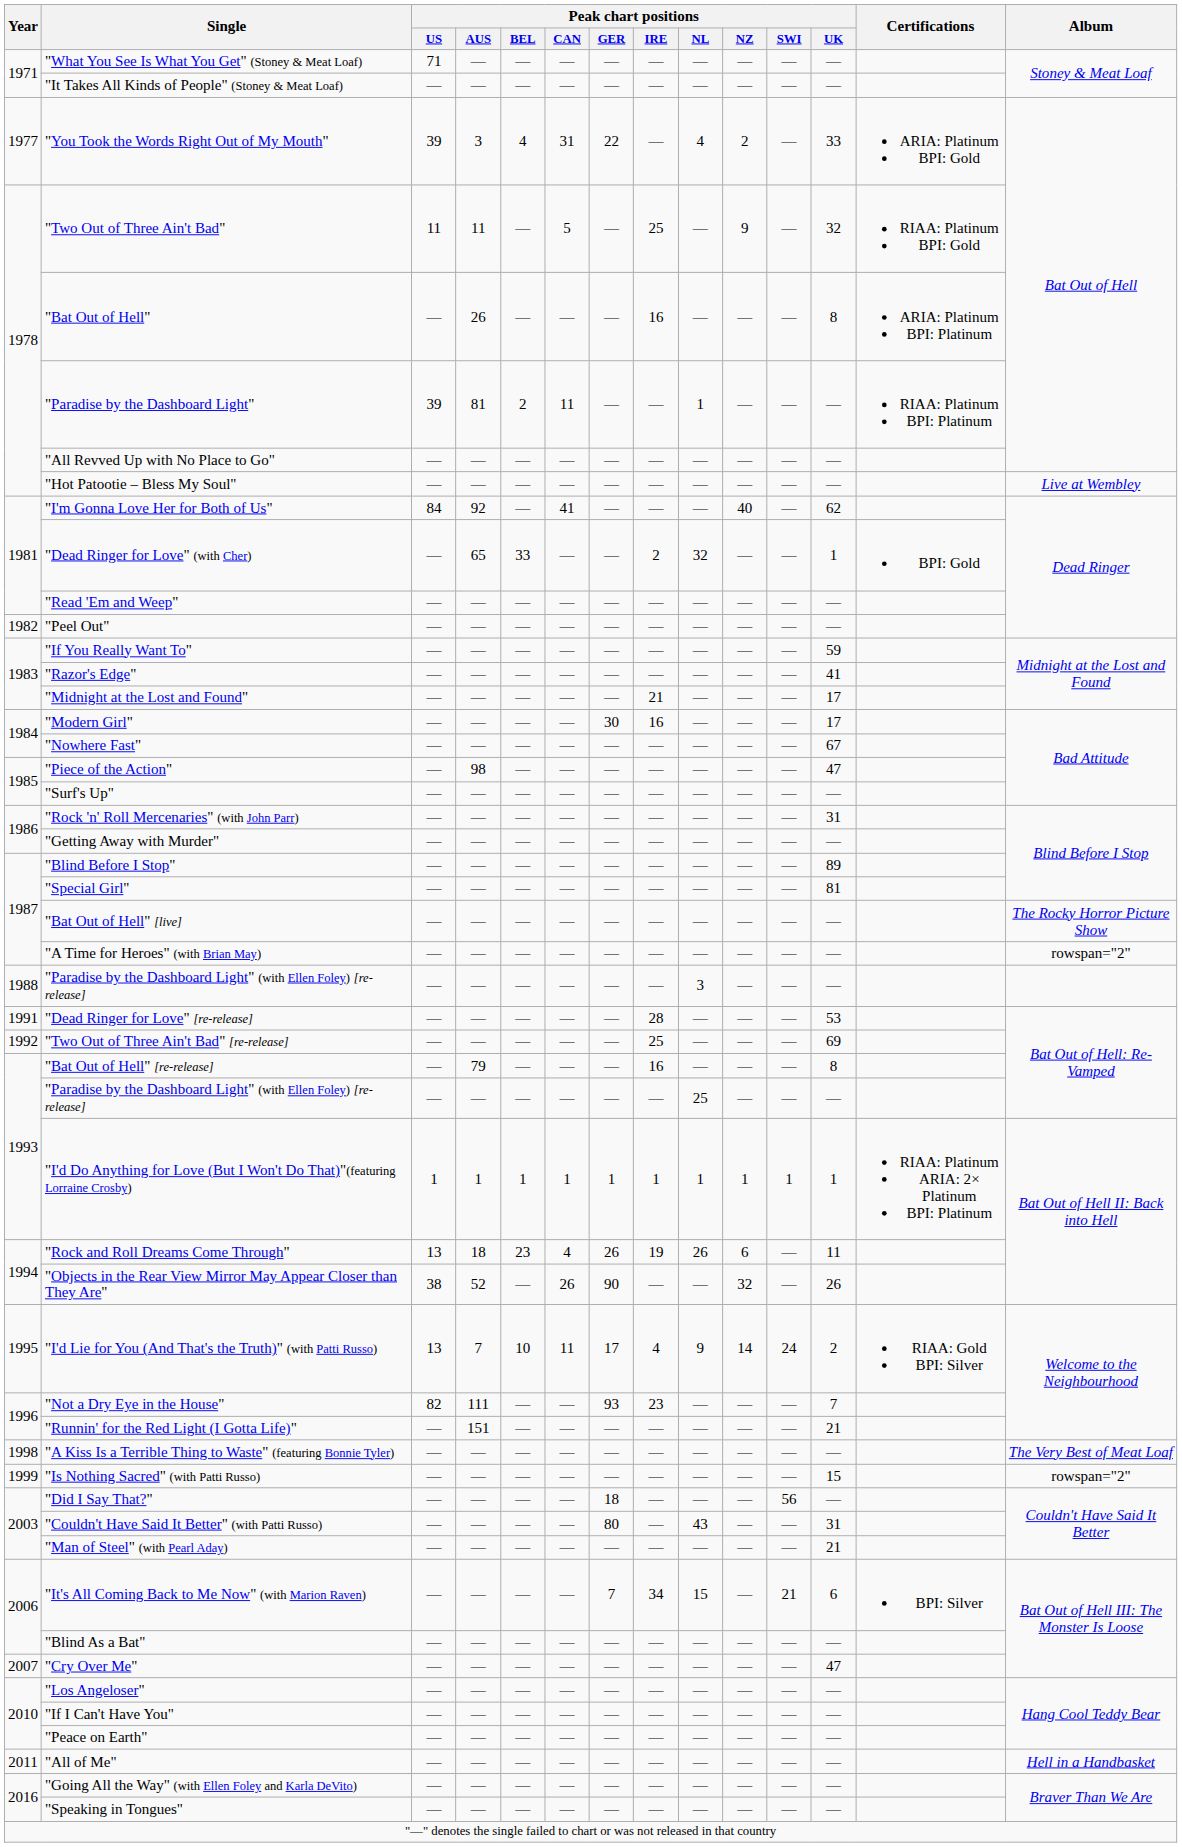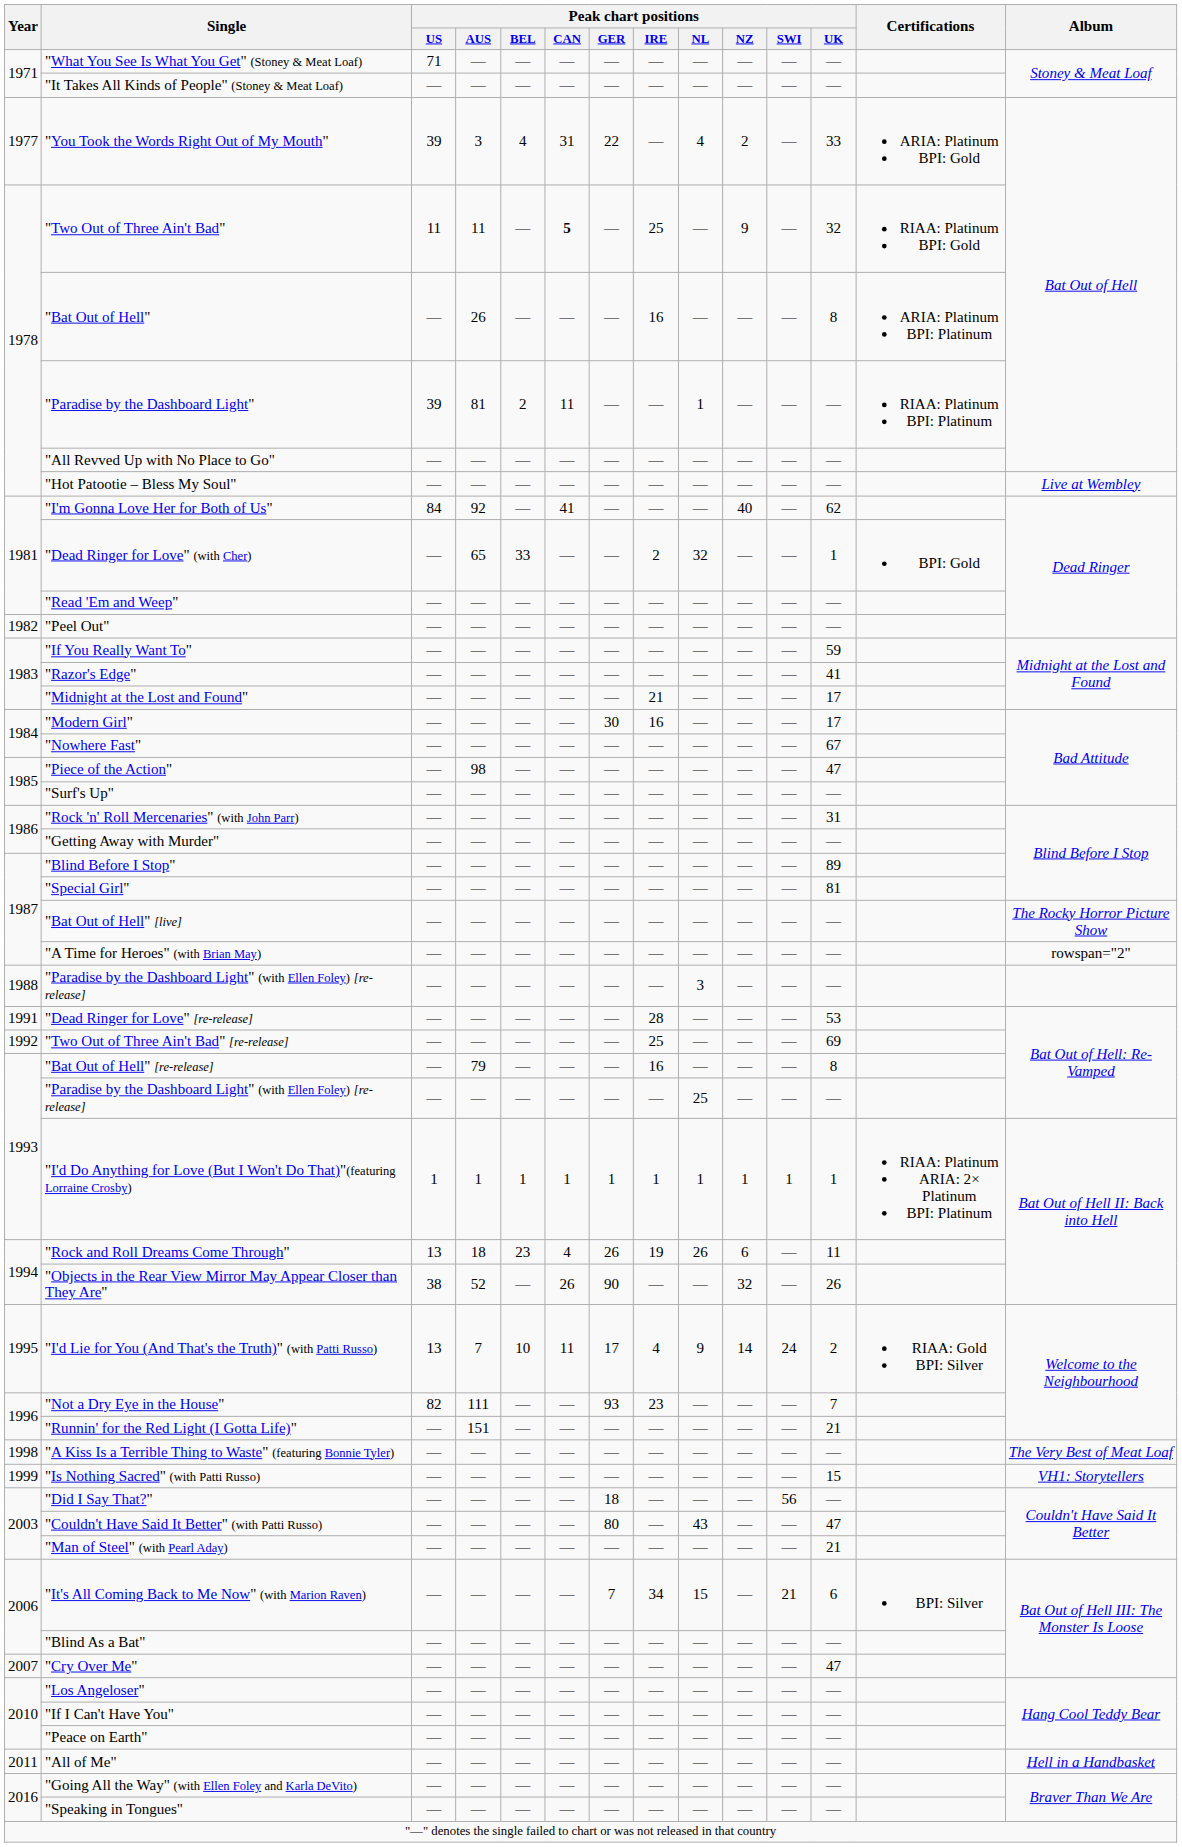 <table class="wikitable" style="text-align:center;">
 <tr>
 <th rowspan="2">Year</th>
 <th rowspan="2">Single</th>
 <th colspan="10">Peak chart positions</th>
 <th rowspan="2">Certifications</th>
 <th rowspan="2" style="width:175px;">Album</th>
 </tr>
 <tr>
 <th style="width:3em;font-size:85%"><a href='#'>US</a><br></th>
 <th style="width:3em;font-size:85%"><a href='#'>AUS</a><br></th>
 <th style="width:3em;font-size:85%"><a href='#'>BEL</a><br></th>
 <th style="width:3em;font-size:85%"><a href='#'>CAN</a><br></th>
 <th style="width:3em;font-size:85%"><a href='#'>GER</a><br></th>
 <th style="width:3em;font-size:85%"><a href='#'>IRE</a><br></th>
 <th style="width:3em;font-size:85%"><a href='#'>NL</a><br></th>
 <th style="width:3em;font-size:85%"><a href='#'>NZ</a><br></th>
 <th style="width:3em;font-size:85%"><a href='#'>SWI</a><br></th>
 <th style="width:3em;font-size:85%"><a href='#'>UK</a><br></th>
 </tr>
 <tr>
 <td rowspan="2">1971</td>
 <td style="text-align:left;">"<a href='#'>What You See Is What You Get</a>" <small>(Stoney & Meat Loaf)</small></td>
 <td>71</td>
 <td>—</td>
 <td>—</td>
 <td>—</td>
 <td>—</td>
 <td>—</td>
 <td>—</td>
 <td>—</td>
 <td>—</td>
 <td>—</td>
 <td></td>
 <td rowspan="2"><em><a href='#'>Stoney & Meat Loaf</a></em></td>
 </tr>
 <tr>
 <td style="text-align:left;">"It Takes All Kinds of People" <small>(Stoney & Meat Loaf)</small></td>
 <td>—</td>
 <td>—</td>
 <td>—</td>
 <td>—</td>
 <td>—</td>
 <td>—</td>
 <td>—</td>
 <td>—</td>
 <td>—</td>
 <td>—</td>
 <td></td>
 </tr>
 <tr>
 <td>1977</td>
 <td style="text-align:left;">"<a href='#'>You Took the Words Right Out of My Mouth</a>"</td>
 <td>39</td>
 <td>3</td>
 <td>4</td>
 <td>31</td>
 <td>22</td>
 <td>—</td>
 <td>4</td>
 <td>2</td>
 <td>—</td>
 <td>33</td>
 <td><br><ul><li>ARIA: Platinum</li><li>BPI: Gold</li></ul></td>
 <td rowspan="5"><em><a href='#'>Bat Out of Hell</a></em></td>
 </tr>
 <tr>
 <td rowspan="5">1978</td>
 <td style="text-align:left;">"<a href='#'>Two Out of Three Ain't Bad</a>"</td>
 <td>11</td>
 <td>11</td>
 <td>—</td>
-<td>5</td>
+<td><strong>5</strong></td>
 <td>—</td>
 <td>25</td>
 <td>—</td>
 <td>9</td>
 <td>—</td>
 <td>32</td>
 <td><br><ul><li>RIAA: Platinum</li><li>BPI: Gold</li></ul></td>
 </tr>
 <tr>
 <td style="text-align:left;">"<a href='#'>Bat Out of Hell</a>"</td>
 <td>—</td>
 <td>26</td>
 <td>—</td>
 <td>—</td>
 <td>—</td>
 <td>16</td>
 <td>—</td>
 <td>—</td>
 <td>—</td>
 <td>8</td>
 <td><br><ul><li>ARIA: Platinum</li><li>BPI: Platinum</li></ul></td>
 </tr>
 <tr>
 <td style="text-align:left;">"<a href='#'>Paradise by the Dashboard Light</a>"</td>
 <td>39</td>
 <td>81</td>
 <td>2</td>
 <td>11</td>
 <td>—</td>
 <td>—</td>
 <td>1</td>
 <td>—</td>
 <td>—</td>
 <td>—</td>
 <td><br><ul><li>RIAA: Platinum</li><li>BPI: Platinum</li></ul></td>
 </tr>
 <tr>
 <td style="text-align:left;">"All Revved Up with No Place to Go"</td>
 <td>—</td>
 <td>—</td>
 <td>—</td>
 <td>—</td>
 <td>—</td>
 <td>—</td>
 <td>—</td>
 <td>—</td>
 <td>—</td>
 <td>—</td>
 <td></td>
 </tr>
 <tr>
 <td style="text-align:left;">"Hot Patootie – Bless My Soul"</td>
 <td>—</td>
 <td>—</td>
 <td>—</td>
 <td>—</td>
 <td>—</td>
 <td>—</td>
 <td>—</td>
 <td>—</td>
 <td>—</td>
 <td>—</td>
 <td></td>
 <td><em><a href='#'>Live at Wembley</a></em></td>
 </tr>
 <tr>
 <td rowspan="3">1981</td>
 <td style="text-align:left;">"<a href='#'>I'm Gonna Love Her for Both of Us</a>"</td>
 <td>84</td>
 <td>92</td>
 <td>—</td>
 <td>41</td>
 <td>—</td>
 <td>—</td>
 <td>—</td>
 <td>40</td>
 <td>—</td>
 <td>62</td>
 <td></td>
 <td rowspan="4"><em><a href='#'>Dead Ringer</a></em></td>
 </tr>
 <tr>
 <td style="text-align:left;">"<a href='#'>Dead Ringer for Love</a>" <small>(with <a href='#'>Cher</a>)</small></td>
 <td>—</td>
 <td>65</td>
 <td>33</td>
 <td>—</td>
 <td>—</td>
 <td>2</td>
 <td>32</td>
 <td>—</td>
 <td>—</td>
 <td>1</td>
 <td><br><ul><li>BPI: Gold</li></ul></td>
 </tr>
 <tr>
 <td style="text-align:left;">"<a href='#'>Read 'Em and Weep</a>"</td>
 <td>—</td>
 <td>—</td>
 <td>—</td>
 <td>—</td>
 <td>—</td>
 <td>—</td>
 <td>—</td>
 <td>—</td>
 <td>—</td>
 <td>—</td>
 <td></td>
 </tr>
 <tr>
 <td>1982</td>
 <td style="text-align:left;">"Peel Out"</td>
 <td>—</td>
 <td>—</td>
 <td>—</td>
 <td>—</td>
 <td>—</td>
 <td>—</td>
 <td>—</td>
 <td>—</td>
 <td>—</td>
 <td>—</td>
 <td></td>
 </tr>
 <tr>
 <td rowspan="3">1983</td>
 <td style="text-align:left;">"<a href='#'>If You Really Want To</a>"</td>
 <td>—</td>
 <td>—</td>
 <td>—</td>
 <td>—</td>
 <td>—</td>
 <td>—</td>
 <td>—</td>
 <td>—</td>
 <td>—</td>
 <td>59</td>
 <td></td>
 <td rowspan="3"><em><a href='#'>Midnight at the Lost and Found</a></em></td>
 </tr>
 <tr>
 <td style="text-align:left;">"<a href='#'>Razor's Edge</a>"</td>
 <td>—</td>
 <td>—</td>
 <td>—</td>
 <td>—</td>
 <td>—</td>
 <td>—</td>
 <td>—</td>
 <td>—</td>
 <td>—</td>
 <td>41</td>
 <td></td>
 </tr>
 <tr>
 <td style="text-align:left;">"<a href='#'>Midnight at the Lost and Found</a>"</td>
 <td>—</td>
 <td>—</td>
 <td>—</td>
 <td>—</td>
 <td>—</td>
 <td>21</td>
 <td>—</td>
 <td>—</td>
 <td>—</td>
 <td>17</td>
 <td></td>
 </tr>
 <tr>
 <td rowspan="2">1984</td>
 <td style="text-align:left;">"<a href='#'>Modern Girl</a>"</td>
 <td>—</td>
 <td>—</td>
 <td>—</td>
 <td>—</td>
 <td>30</td>
 <td>16</td>
 <td>—</td>
 <td>—</td>
 <td>—</td>
 <td>17</td>
 <td></td>
 <td rowspan="4"><em><a href='#'>Bad Attitude</a></em></td>
 </tr>
 <tr>
 <td style="text-align:left;">"<a href='#'>Nowhere Fast</a>"</td>
 <td>—</td>
 <td>—</td>
 <td>—</td>
 <td>—</td>
 <td>—</td>
 <td>—</td>
 <td>—</td>
 <td>—</td>
 <td>—</td>
 <td>67</td>
 <td></td>
 </tr>
 <tr>
 <td rowspan="2">1985</td>
 <td style="text-align:left;">"<a href='#'>Piece of the Action</a>"</td>
 <td>—</td>
 <td>98</td>
 <td>—</td>
 <td>—</td>
 <td>—</td>
 <td>—</td>
 <td>—</td>
 <td>—</td>
 <td>—</td>
 <td>47</td>
 <td></td>
 </tr>
 <tr>
 <td style="text-align:left;">"Surf's Up"</td>
 <td>—</td>
 <td>—</td>
 <td>—</td>
 <td>—</td>
 <td>—</td>
 <td>—</td>
 <td>—</td>
 <td>—</td>
 <td>—</td>
 <td>—</td>
 <td></td>
 </tr>
 <tr>
 <td rowspan="2">1986</td>
 <td style="text-align:left;">"<a href='#'>Rock 'n' Roll Mercenaries</a>" <small>(with <a href='#'>John Parr</a>)</small></td>
 <td>—</td>
 <td>—</td>
 <td>—</td>
 <td>—</td>
 <td>—</td>
 <td>—</td>
 <td>—</td>
 <td>—</td>
 <td>—</td>
 <td>31</td>
 <td></td>
 <td rowspan="4"><em><a href='#'>Blind Before I Stop</a></em></td>
 </tr>
 <tr>
 <td style="text-align:left;">"Getting Away with Murder"</td>
 <td>—</td>
 <td>—</td>
 <td>—</td>
 <td>—</td>
 <td>—</td>
 <td>—</td>
 <td>—</td>
 <td>—</td>
 <td>—</td>
 <td>—</td>
 <td></td>
 </tr>
 <tr>
 <td rowspan="4">1987</td>
 <td style="text-align:left;">"<a href='#'>Blind Before I Stop</a>"</td>
 <td>—</td>
 <td>—</td>
 <td>—</td>
 <td>—</td>
 <td>—</td>
 <td>—</td>
 <td>—</td>
 <td>—</td>
 <td>—</td>
 <td>89</td>
 <td></td>
 </tr>
 <tr>
 <td style="text-align:left;">"<a href='#'>Special Girl</a>"</td>
 <td>—</td>
 <td>—</td>
 <td>—</td>
 <td>—</td>
 <td>—</td>
 <td>—</td>
 <td>—</td>
 <td>—</td>
 <td>—</td>
 <td>81</td>
 <td></td>
 </tr>
 <tr>
 <td style="text-align:left;">"<a href='#'>Bat Out of Hell</a>" <small><em>[live]</em></small></td>
 <td>—</td>
 <td>—</td>
 <td>—</td>
 <td>—</td>
 <td>—</td>
 <td>—</td>
 <td>—</td>
 <td>—</td>
 <td>—</td>
 <td>—</td>
 <td></td>
 <td><em><a href='#'>The Rocky Horror Picture Show</a></em></td>
 </tr>
 <tr>
 <td style="text-align:left;">"A Time for Heroes" <small>(with <a href='#'>Brian May</a>)</small></td>
 <td>—</td>
 <td>—</td>
 <td>—</td>
 <td>—</td>
 <td>—</td>
 <td>—</td>
 <td>—</td>
 <td>—</td>
 <td>—</td>
 <td>—</td>
 <td></td>
 <td>rowspan="2" </td>
 </tr>
 <tr>
 <td>1988</td>
 <td style="text-align:left;">"<a href='#'>Paradise by the Dashboard Light</a>" <small>(with <a href='#'>Ellen Foley</a>)</small> <small><em>[re-release]</em></small></td>
 <td>—</td>
 <td>—</td>
 <td>—</td>
 <td>—</td>
 <td>—</td>
 <td>—</td>
 <td>3</td>
 <td>—</td>
 <td>—</td>
 <td>—</td>
 <td></td>
 </tr>
 <tr>
 <td>1991</td>
 <td style="text-align:left;">"<a href='#'>Dead Ringer for Love</a>" <small><em>[re-release]</em></small></td>
 <td>—</td>
 <td>—</td>
 <td>—</td>
 <td>—</td>
 <td>—</td>
 <td>28</td>
 <td>—</td>
 <td>—</td>
 <td>—</td>
 <td>53</td>
 <td></td>
 <td rowspan="4"><em><a href='#'>Bat Out of Hell: Re-Vamped</a></em></td>
 </tr>
 <tr>
 <td>1992</td>
 <td style="text-align:left;">"<a href='#'>Two Out of Three Ain't Bad</a>" <small><em>[re-release]</em></small></td>
 <td>—</td>
 <td>—</td>
 <td>—</td>
 <td>—</td>
 <td>—</td>
 <td>25</td>
 <td>—</td>
 <td>—</td>
 <td>—</td>
 <td>69</td>
 <td></td>
 </tr>
 <tr>
 <td rowspan="3">1993</td>
 <td style="text-align:left;">"<a href='#'>Bat Out of Hell</a>" <small><em>[re-release]</em></small></td>
 <td>—</td>
 <td>79</td>
 <td>—</td>
 <td>—</td>
 <td>—</td>
 <td>16</td>
 <td>—</td>
 <td>—</td>
 <td>—</td>
 <td>8</td>
 <td></td>
 </tr>
 <tr>
 <td style="text-align:left;">"<a href='#'>Paradise by the Dashboard Light</a>" <small>(with <a href='#'>Ellen Foley</a>)</small> <small><em>[re-release]</em></small></td>
 <td>—</td>
 <td>—</td>
 <td>—</td>
 <td>—</td>
 <td>—</td>
 <td>—</td>
 <td>25</td>
 <td>—</td>
 <td>—</td>
 <td>—</td>
 <td></td>
 </tr>
 <tr>
 <td style="text-align:left;">"<a href='#'>I'd Do Anything for Love (But I Won't Do That)</a>"<small>(featuring <a href='#'>Lorraine Crosby</a>)</small></td>
 <td>1</td>
 <td>1</td>
 <td>1</td>
 <td>1</td>
 <td>1</td>
 <td>1</td>
 <td>1</td>
 <td>1</td>
 <td>1</td>
 <td>1</td>
 <td><br><ul><li>RIAA: Platinum</li><li>ARIA: 2× Platinum</li><li>BPI: Platinum</li></ul></td>
 <td rowspan="3"><em><a href='#'>Bat Out of Hell II: Back into Hell</a></em></td>
 </tr>
 <tr>
 <td rowspan="2">1994</td>
 <td style="text-align:left;">"<a href='#'>Rock and Roll Dreams Come Through</a>"</td>
 <td>13</td>
 <td>18</td>
 <td>23</td>
 <td>4</td>
 <td>26</td>
 <td>19</td>
 <td>26</td>
 <td>6</td>
 <td>—</td>
 <td>11</td>
 <td></td>
 </tr>
 <tr>
 <td style="text-align:left;">"<a href='#'>Objects in the Rear View Mirror May Appear Closer than They Are</a>"</td>
 <td>38</td>
 <td>52</td>
 <td>—</td>
 <td>26</td>
 <td>90</td>
 <td>—</td>
 <td>—</td>
 <td>32</td>
 <td>—</td>
 <td>26</td>
 <td></td>
 </tr>
 <tr>
 <td>1995</td>
 <td style="text-align:left;">"<a href='#'>I'd Lie for You (And That's the Truth)</a>" <small>(with <a href='#'>Patti Russo</a>)</small></td>
 <td>13</td>
 <td>7</td>
 <td>10</td>
 <td>11</td>
 <td>17</td>
 <td>4</td>
 <td>9</td>
 <td>14</td>
 <td>24</td>
 <td>2</td>
 <td><br><ul><li>RIAA: Gold</li><li>BPI: Silver</li></ul></td>
 <td rowspan="3"><em><a href='#'>Welcome to the Neighbourhood</a></em></td>
 </tr>
 <tr>
 <td rowspan="2">1996</td>
 <td style="text-align:left;">"<a href='#'>Not a Dry Eye in the House</a>"</td>
 <td>82</td>
 <td>111</td>
 <td>—</td>
 <td>—</td>
 <td>93</td>
 <td>23</td>
 <td>—</td>
 <td>—</td>
 <td>—</td>
 <td>7</td>
 <td></td>
 </tr>
 <tr>
 <td style="text-align:left;">"<a href='#'>Runnin' for the Red Light (I Gotta Life)</a>"</td>
 <td>—</td>
 <td>151</td>
 <td>—</td>
 <td>—</td>
 <td>—</td>
 <td>—</td>
 <td>—</td>
 <td>—</td>
 <td>—</td>
 <td>21</td>
 <td></td>
 </tr>
 <tr>
 <td>1998</td>
 <td style="text-align:left;">"<a href='#'>A Kiss Is a Terrible Thing to Waste</a>" <small>(featuring <a href='#'>Bonnie Tyler</a>)</small></td>
 <td>—</td>
 <td>—</td>
 <td>—</td>
 <td>—</td>
 <td>—</td>
 <td>—</td>
 <td>—</td>
 <td>—</td>
 <td>—</td>
 <td>—</td>
 <td></td>
 <td><em><a href='#'>The Very Best of Meat Loaf</a></em></td>
 </tr>
 <tr>
 <td>1999</td>
 <td style="text-align:left;">"<a href='#'>Is Nothing Sacred</a>" <small>(with Patti Russo)</small></td>
 <td>—</td>
 <td>—</td>
 <td>—</td>
 <td>—</td>
 <td>—</td>
 <td>—</td>
 <td>—</td>
 <td>—</td>
 <td>—</td>
 <td>15</td>
 <td></td>
-<td>rowspan="2" </td>
+<td><em><a href='#'>VH1: Storytellers</a></em></td>
 </tr>
 <tr>
 <td rowspan="3">2003</td>
 <td style="text-align:left;">"<a href='#'>Did I Say That?</a>"</td>
 <td>—</td>
 <td>—</td>
 <td>—</td>
 <td>—</td>
 <td>18</td>
 <td>—</td>
 <td>—</td>
 <td>—</td>
 <td>56</td>
 <td>—</td>
 <td></td>
 <td rowspan="3"><em><a href='#'>Couldn't Have Said It Better</a></em></td>
 </tr>
 <tr>
 <td style="text-align:left;">"<a href='#'>Couldn't Have Said It Better</a>" <small>(with Patti Russo)</small></td>
 <td>—</td>
 <td>—</td>
 <td>—</td>
 <td>—</td>
 <td>80</td>
 <td>—</td>
 <td>43</td>
 <td>—</td>
 <td>—</td>
-<td>31</td>
+<td>47</td>
 <td></td>
 </tr>
 <tr>
 <td style="text-align:left;">"<a href='#'>Man of Steel</a>" <small>(with <a href='#'>Pearl Aday</a>)</small></td>
 <td>—</td>
 <td>—</td>
 <td>—</td>
 <td>—</td>
 <td>—</td>
 <td>—</td>
 <td>—</td>
 <td>—</td>
 <td>—</td>
 <td>21</td>
 <td></td>
 </tr>
 <tr>
 <td rowspan="2">2006</td>
 <td style="text-align:left;">"<a href='#'>It's All Coming Back to Me Now</a>" <small>(with <a href='#'>Marion Raven</a>)</small></td>
 <td>—</td>
 <td>—</td>
 <td>—</td>
 <td>—</td>
 <td>7</td>
 <td>34</td>
 <td>15</td>
 <td>—</td>
 <td>21</td>
 <td>6</td>
 <td><br><ul><li>BPI: Silver</li></ul></td>
 <td rowspan="3"><em><a href='#'>Bat Out of Hell III: The Monster Is Loose</a></em></td>
 </tr>
 <tr>
 <td style="text-align:left;">"Blind As a Bat"</td>
 <td>—</td>
 <td>—</td>
 <td>—</td>
 <td>—</td>
 <td>—</td>
 <td>—</td>
 <td>—</td>
 <td>—</td>
 <td>—</td>
 <td>—</td>
 <td></td>
 </tr>
 <tr>
 <td>2007</td>
 <td style="text-align:left;">"<a href='#'>Cry Over Me</a>"</td>
 <td>—</td>
 <td>—</td>
 <td>—</td>
 <td>—</td>
 <td>—</td>
 <td>—</td>
 <td>—</td>
 <td>—</td>
 <td>—</td>
 <td>47</td>
 <td></td>
 </tr>
 <tr>
 <td rowspan="3">2010</td>
 <td style="text-align:left;">"<a href='#'>Los Angeloser</a>"</td>
 <td>—</td>
 <td>—</td>
 <td>—</td>
 <td>—</td>
 <td>—</td>
 <td>—</td>
 <td>—</td>
 <td>—</td>
 <td>—</td>
 <td>—</td>
 <td></td>
 <td rowspan="3"><em><a href='#'>Hang Cool Teddy Bear</a></em></td>
 </tr>
 <tr>
 <td style="text-align:left;">"If I Can't Have You"</td>
 <td>—</td>
 <td>—</td>
 <td>—</td>
 <td>—</td>
 <td>—</td>
 <td>—</td>
 <td>—</td>
 <td>—</td>
 <td>—</td>
 <td>—</td>
 <td></td>
 </tr>
 <tr>
 <td style="text-align:left;">"Peace on Earth"</td>
 <td>—</td>
 <td>—</td>
 <td>—</td>
 <td>—</td>
 <td>—</td>
 <td>—</td>
 <td>—</td>
 <td>—</td>
 <td>—</td>
 <td>—</td>
 <td></td>
 </tr>
 <tr>
 <td>2011</td>
 <td style="text-align:left;">"All of Me"</td>
 <td>—</td>
 <td>—</td>
 <td>—</td>
 <td>—</td>
 <td>—</td>
 <td>—</td>
 <td>—</td>
 <td>—</td>
 <td>—</td>
 <td>—</td>
 <td></td>
 <td><em><a href='#'>Hell in a Handbasket</a></em></td>
 </tr>
 <tr>
 <td rowspan="2">2016</td>
 <td style="text-align:left;">"Going All the Way" <small>(with <a href='#'>Ellen Foley</a> and <a href='#'>Karla DeVito</a>)</small></td>
 <td>—</td>
 <td>—</td>
 <td>—</td>
 <td>—</td>
 <td>—</td>
 <td>—</td>
 <td>—</td>
 <td>—</td>
 <td>—</td>
 <td>—</td>
 <td></td>
 <td rowspan="2"><em><a href='#'>Braver Than We Are</a></em></td>
 </tr>
 <tr>
 <td style="text-align:left;">"Speaking in Tongues"</td>
 <td>—</td>
 <td>—</td>
 <td>—</td>
 <td>—</td>
 <td>—</td>
 <td>—</td>
 <td>—</td>
 <td>—</td>
 <td>—</td>
 <td>—</td>
 <td></td>
 </tr>
 <tr>
 <td colspan="18" style="text-align:center; font-size:85%;">"—" denotes the single failed to chart or was not released in that country</td>
 </tr>
 </table>
